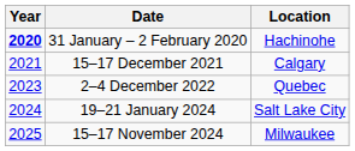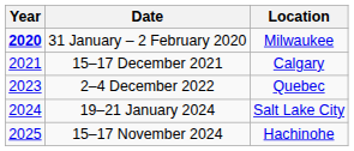 <table class="wikitable unsortable" style="text-align:center">
 <tr>
 <th scope="col" style="text-align:center">Year</th>
 <th scope="col" style="text-align:center">Date</th>
 <th scope="col" style="text-align:center">Location</th>
 </tr>
 <tr>
 <td><strong><a href='#'>2020</a></strong></td>
 <td>31 January – 2 February 2020</td>
-<td> <a href='#'>Hachinohe</a></td>
+<td> <a href='#'>Milwaukee</a></td>
 </tr>
 <tr>
 <td><a href='#'>2021</a></td>
 <td>15–17 December 2021</td>
 <td> <a href='#'>Calgary</a></td>
 </tr>
 <tr>
 <td><a href='#'>2023</a></td>
 <td>2–4 December 2022</td>
 <td> <a href='#'>Quebec</a></td>
 </tr>
 <tr>
 <td><a href='#'>2024</a></td>
 <td>19–21 January 2024</td>
 <td> <a href='#'>Salt Lake City</a></td>
 </tr>
 <tr>
 <td><a href='#'>2025</a></td>
 <td>15–17 November 2024</td>
-<td> <a href='#'>Milwaukee</a></td>
+<td> <a href='#'>Hachinohe</a></td>
 </tr>
 </table>
